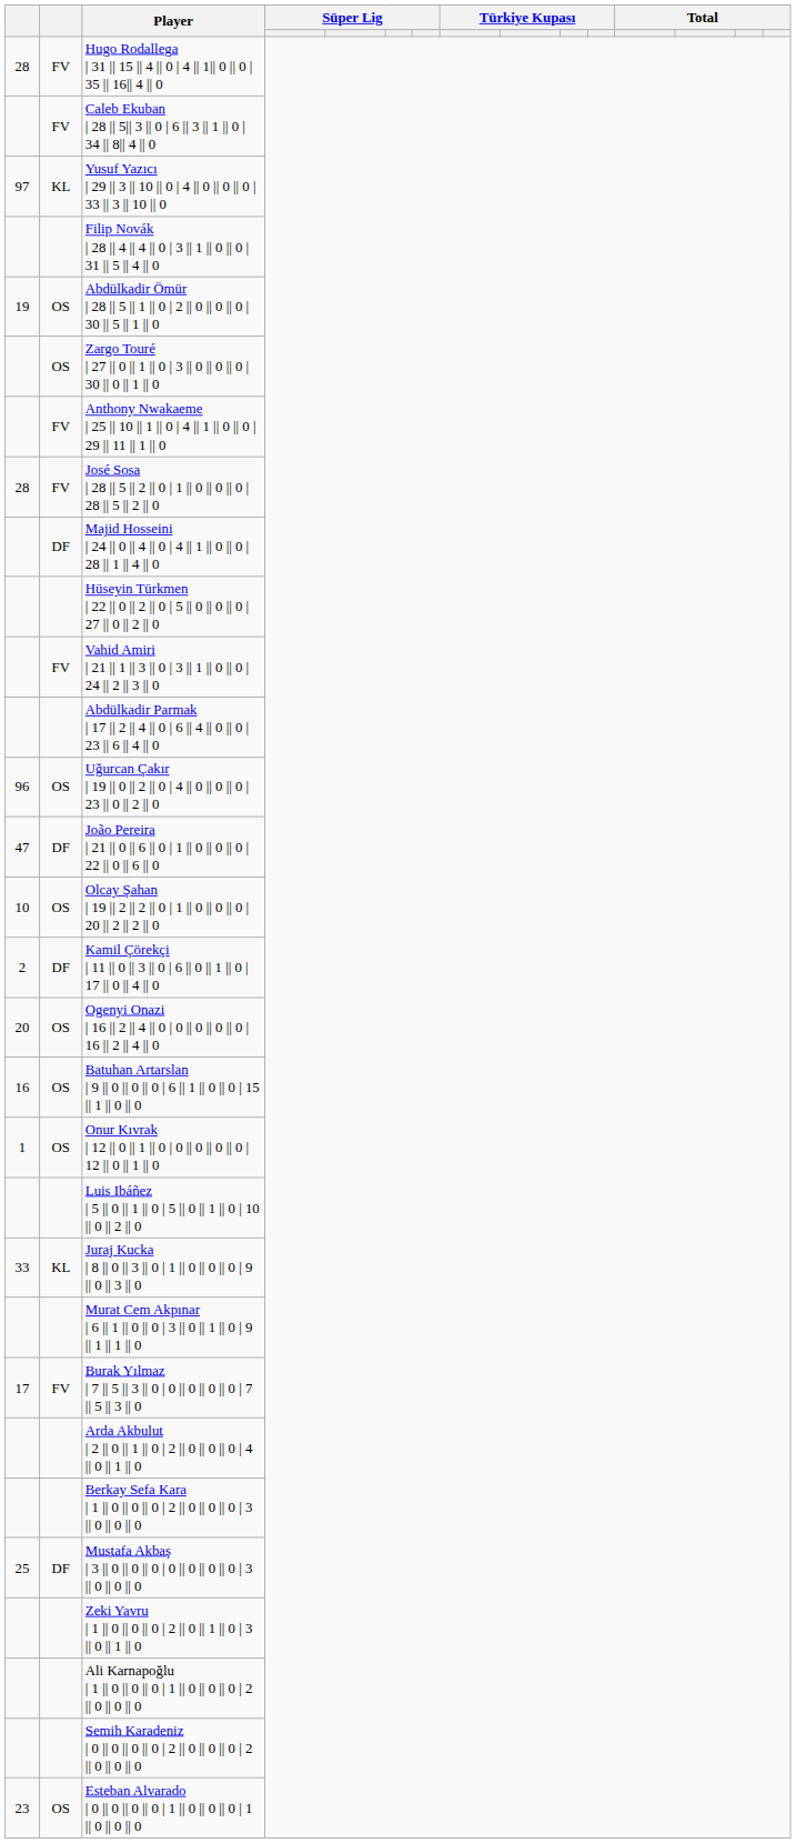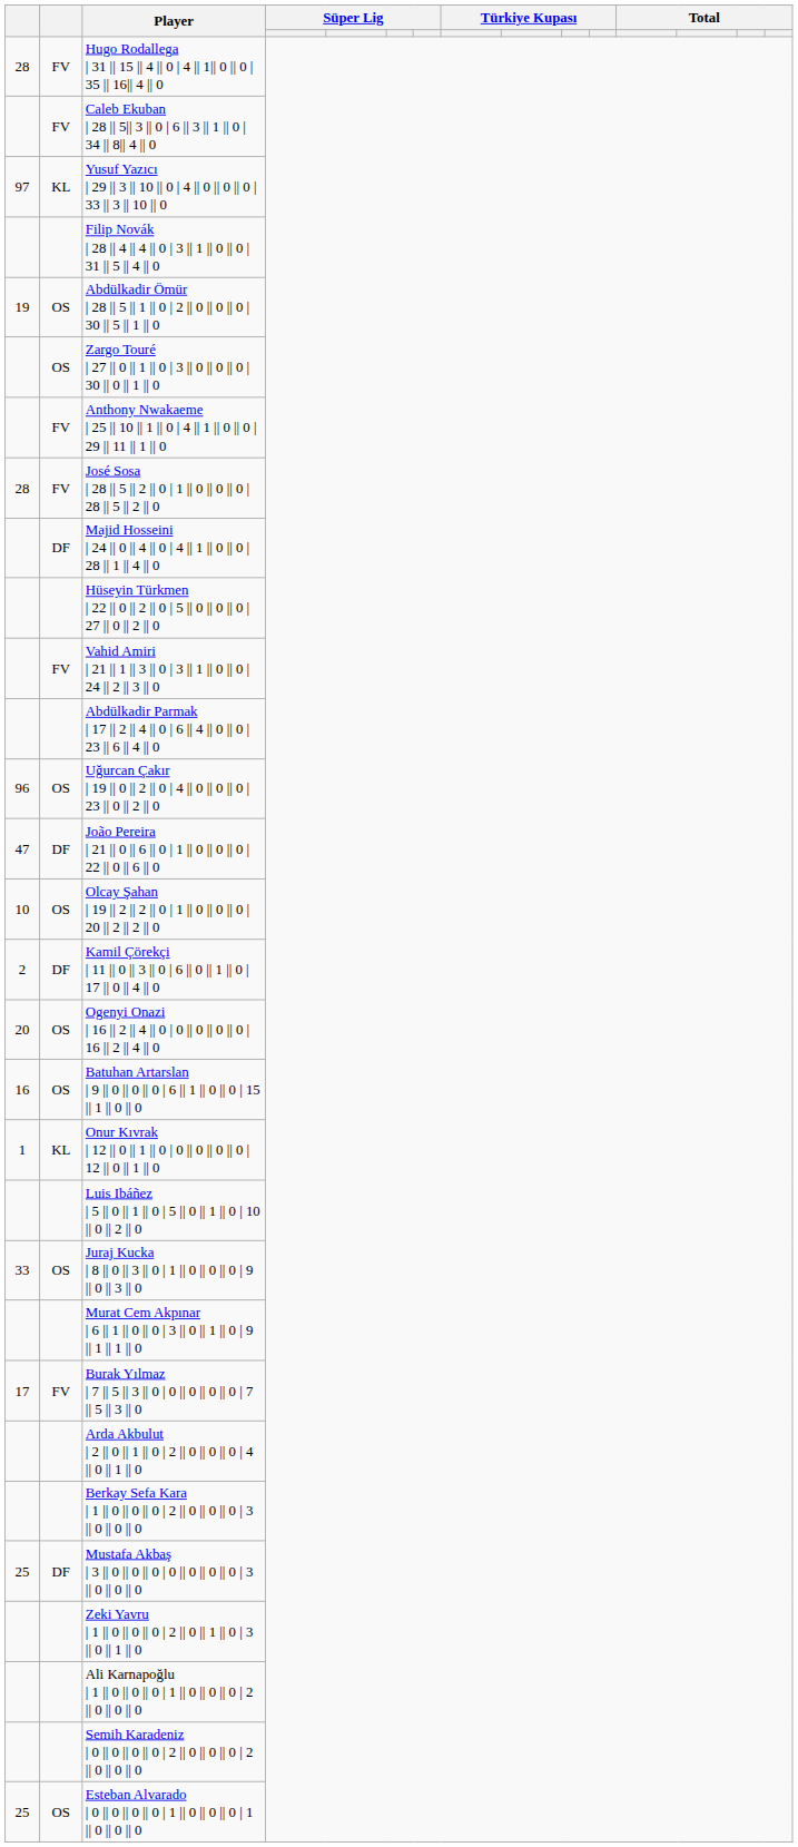 <table class="wikitable sortable alternance" style="font-size:90%; text-align:center; line-height:18px;" width=90%>
 <tr>
 <th rowspan="2" width=10></th>
 <th rowspan="2" width=10></th>
 <th rowspan="2" width=105>Player</th>
 <th colspan="4"><a href='#'>Süper Lig</a></th>
 <th colspan="4"><a href='#'>Türkiye Kupası</a></th>
 <th colspan="4">Total</th>
 </tr>
 <tr align="center">
 <th width=30></th>
 <th width=30></th>
 <th width=10></th>
 <th width=10></th>
 <th width=30></th>
 <th width=30></th>
 <th width=10></th>
 <th width=10></th>
 <th width=30></th>
 <th width=30></th>
 <th width=10></th>
 <th width=10></th>
 </tr>
 <tr>
 <td>28</td>
 <td>FV</td>
 <td align="left"> <a href='#'>Hugo Rodallega</a><br>	| 31 || 15 || 4 || 0 	| 4 || 1|| 0 || 0 		| 35 || 16|| 4 || 0</td>
 </tr>
 <tr>
 <td></td>
 <td>FV</td>
 <td align="left"> <a href='#'>Caleb Ekuban</a><br>	| 28 || 5|| 3 || 0 	| 6 || 3 || 1 || 0 		| 34 || 8|| 4 || 0</td>
 </tr>
 <tr>
 <td>97</td>
 <td>KL</td>
 <td align="left"> <a href='#'>Yusuf Yazıcı</a><br>	| 29 || 3 || 10 || 0 	| 4 || 0 || 0 || 0 		| 33 || 3 || 10 || 0</td>
 </tr>
 <tr>
 <td></td>
 <td></td>
 <td align="left"> <a href='#'>Filip Novák</a><br>	| 28 || 4 || 4 || 0 	| 3 || 1 || 0 || 0 		| 31 || 5 || 4 || 0</td>
 </tr>
 <tr>
 <td>19</td>
 <td>OS</td>
 <td align="left"> <a href='#'>Abdülkadir Ömür</a><br>	| 28 || 5 || 1 || 0 	| 2 || 0 || 0 || 0 		| 30 || 5 || 1 || 0</td>
 </tr>
 <tr>
 <td></td>
 <td>OS</td>
 <td align="left"> <a href='#'>Zargo Touré</a><br>	| 27 || 0 || 1 || 0 	| 3 || 0 || 0 || 0 		| 30 || 0 || 1 || 0</td>
 </tr>
 <tr>
 <td></td>
 <td>FV</td>
 <td align="left"> <a href='#'>Anthony Nwakaeme</a><br>	| 25 || 10 || 1 || 0 	| 4 || 1 || 0 || 0 		| 29 || 11 || 1 || 0</td>
 </tr>
 <tr>
 <td>28</td>
 <td>FV</td>
 <td align="left"> <a href='#'>José Sosa</a><br>	| 28 || 5 || 2 || 0 	| 1 || 0 || 0 || 0 		| 28 || 5 || 2 || 0</td>
 </tr>
 <tr>
 <td></td>
 <td>DF</td>
 <td align="left"> <a href='#'>Majid Hosseini</a><br>	| 24 || 0 || 4 || 0 	| 4 || 1 || 0 || 0 		| 28 || 1 || 4 || 0</td>
 </tr>
 <tr>
 <td></td>
 <td></td>
 <td align="left"> <a href='#'>Hüseyin Türkmen</a><br>	| 22 || 0 || 2 || 0 	| 5 || 0 || 0 || 0 		| 27 || 0 || 2 || 0</td>
 </tr>
 <tr>
 <td></td>
 <td>FV</td>
 <td align="left"> <a href='#'>Vahid Amiri</a><br>	| 21 || 1 || 3 || 0 	| 3 || 1 || 0 || 0 		| 24 || 2 || 3 || 0</td>
 </tr>
 <tr>
 <td></td>
 <td></td>
 <td align="left"> <a href='#'>Abdülkadir Parmak</a><br>	| 17 || 2 || 4 || 0 	| 6 || 4 || 0 || 0 		| 23 || 6 || 4 || 0</td>
 </tr>
 <tr>
 <td>96</td>
 <td>OS</td>
 <td align="left"> <a href='#'>Uğurcan Çakır</a><br>	| 19 || 0 || 2 || 0 	| 4 || 0 || 0 || 0 		| 23 || 0 || 2 || 0</td>
 </tr>
 <tr>
 <td>47</td>
 <td>DF</td>
 <td align="left"> <a href='#'>João Pereira</a><br>	| 21 || 0 || 6 || 0 	| 1 || 0 || 0 || 0 		| 22 || 0 || 6 || 0</td>
 </tr>
 <tr>
 <td>10</td>
 <td>OS</td>
 <td align="left"> <a href='#'>Olcay Şahan</a><br>	| 19 || 2 || 2 || 0 	| 1 || 0 || 0 || 0 		| 20 || 2 || 2 || 0</td>
 </tr>
 <tr>
 <td>2</td>
 <td>DF</td>
 <td align="left"> <a href='#'>Kamil Çörekçi</a><br>	| 11 || 0 || 3 || 0 	| 6 || 0 || 1 || 0 		| 17 || 0 || 4 || 0</td>
 </tr>
 <tr>
 <td>20</td>
 <td>OS</td>
 <td align="left"> <a href='#'>Ogenyi Onazi</a><br>	| 16 || 2 || 4 || 0 	| 0 || 0 || 0 || 0 		| 16 || 2 || 4 || 0</td>
 </tr>
 <tr>
 <td>16</td>
 <td>OS</td>
 <td align="left"> <a href='#'>Batuhan Artarslan</a><br>	| 9 || 0 || 0 || 0 	| 6 || 1 || 0 || 0 		| 15 || 1 || 0 || 0</td>
 </tr>
 <tr>
 <td>1</td>
-<td>OS</td>
+<td>KL</td>
 <td align="left"> <a href='#'>Onur Kıvrak</a><br>	| 12 || 0 || 1 || 0 	| 0 || 0 || 0 || 0 		| 12 || 0 || 1 || 0</td>
 </tr>
 <tr>
 <td></td>
 <td></td>
 <td align="left"> <a href='#'>Luis Ibáñez</a><br>	| 5 || 0 || 1 || 0 	| 5 || 0 || 1 || 0 		| 10 || 0 || 2 || 0</td>
 </tr>
 <tr>
 <td>33</td>
-<td>KL</td>
+<td>OS</td>
 <td align="left"> <a href='#'>Juraj Kucka</a><br>	| 8 || 0   || 3 || 0 	| 1 || 0 || 0 || 0 		| 9 || 0 || 3 || 0</td>
 </tr>
 <tr>
 <td></td>
 <td></td>
 <td align="left"> <a href='#'>Murat Cem Akpınar</a><br>	| 6 || 1  || 0 || 0 	| 3 || 0 || 1 || 0 		| 9 || 1 || 1 || 0</td>
 </tr>
 <tr>
 <td>17</td>
 <td>FV</td>
 <td align="left"> <a href='#'>Burak Yılmaz</a><br>	| 7 || 5 || 3 || 0 	| 0 || 0 || 0 || 0 		| 7 || 5 || 3 || 0</td>
 </tr>
 <tr>
 <td></td>
 <td></td>
 <td align="left"> <a href='#'>Arda Akbulut</a><br>	| 2 || 0 || 1 || 0 	| 2 || 0 || 0 || 0 		| 4 || 0 || 1 || 0</td>
 </tr>
 <tr>
 <td></td>
 <td></td>
 <td align="left"> <a href='#'>Berkay Sefa Kara</a><br>	| 1 || 0 || 0 || 0 	| 2 || 0 || 0 || 0 		| 3 || 0 || 0 || 0</td>
 </tr>
 <tr>
 <td>25</td>
 <td>DF</td>
 <td align="left"> <a href='#'>Mustafa Akbaş</a><br>	| 3 || 0 || 0 || 0 	| 0 || 0 || 0 || 0 		| 3 || 0 || 0 || 0</td>
 </tr>
 <tr>
 <td></td>
 <td></td>
 <td align="left"> <a href='#'>Zeki Yavru</a><br>	| 1 || 0 || 0 || 0 	| 2 || 0 || 1 || 0 		| 3 || 0 || 1 || 0</td>
 </tr>
 <tr>
 <td></td>
 <td></td>
 <td align="left"> Ali Karnapoğlu<br>	| 1 || 0  || 0 || 0 	| 1 || 0 || 0 || 0 		| 2 || 0 || 0 || 0</td>
 </tr>
 <tr>
 <td></td>
 <td></td>
 <td align="left"> <a href='#'>Semih Karadeniz</a><br>	| 0 || 0 || 0 || 0 	| 2 || 0 || 0 || 0 		| 2 || 0  || 0 || 0</td>
 </tr>
 <tr>
-<td>23</td>
+<td>25</td>
 <td>OS</td>
 <td align="left"> <a href='#'>Esteban Alvarado</a><br>	| 0 || 0 || 0 || 0 	| 1 || 0 || 0 || 0 		| 1 || 0 || 0 || 0</td>
 </tr>
 </table>
